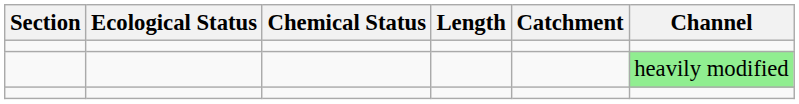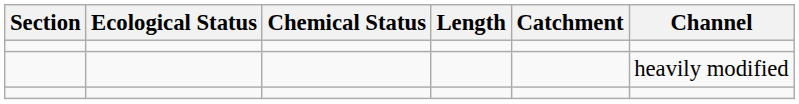 <table class="wikitable">
 <tr>
 <th>Section</th>
 <th>Ecological Status</th>
 <th>Chemical Status</th>
 <th>Length</th>
 <th>Catchment</th>
 <th>Channel</th>
 </tr>
 <tr>
 <td></td>
 <td></td>
 <td></td>
 <td></td>
 <td></td>
 </tr>
 <tr>
 <td></td>
 <td></td>
 <td></td>
 <td></td>
 <td></td>
-<td style="background: lightgreen;">heavily modified</td>
+<td>heavily modified</td>
 </tr>
 <tr>
 <td></td>
 <td></td>
 <td></td>
 <td></td>
 <td></td>
 </tr>
 </table>
